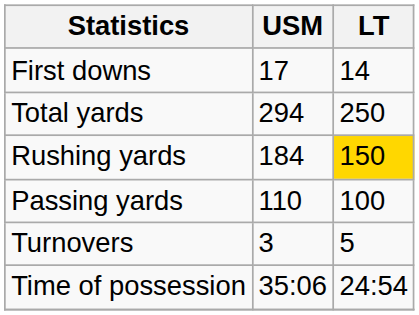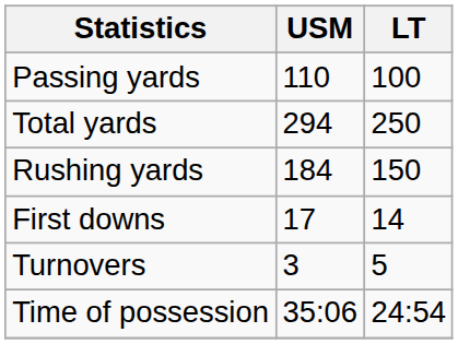 <table class="wikitable" style="float: left;">
 <tr>
 <th>Statistics</th>
 <th>USM</th>
 <th>LT</th>
 </tr>
 <tr>
-<td>First downs</td>
-<td>17</td>
-<td>14</td>
+<td>Passing yards</td>
+<td>110</td>
+<td>100</td>
 </tr>
 <tr>
 <td>Total yards</td>
 <td>294</td>
 <td>250</td>
 </tr>
 <tr>
 <td>Rushing yards</td>
 <td>184</td>
-<td style="background: gold;">150</td>
+<td>150</td>
 </tr>
 <tr>
-<td>Passing yards</td>
-<td>110</td>
-<td>100</td>
+<td>First downs</td>
+<td>17</td>
+<td>14</td>
 </tr>
 <tr>
 <td>Turnovers</td>
 <td>3</td>
 <td>5</td>
 </tr>
 <tr>
 <td>Time of possession</td>
 <td>35:06</td>
 <td>24:54</td>
 </tr>
 <tr>
 </tr>
 </table>
